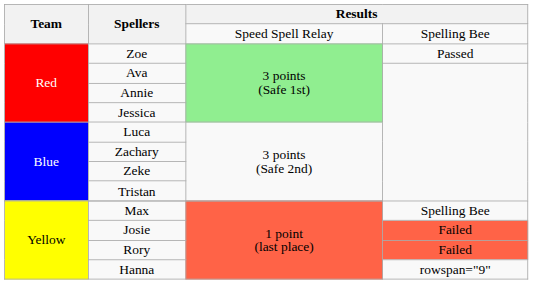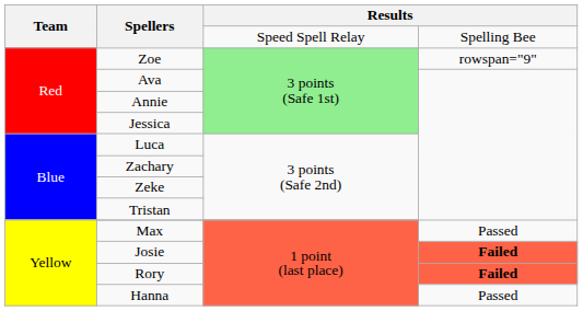 <table class="wikitable plainrowheaders" style="text-align:center; line-height:16px; width:100%;">
 <tr>
 <th rowspan="2">Team</th>
 <th rowspan="2">Spellers</th>
 <th colspan="2">Results</th>
 </tr>
 <tr>
 <td>Speed Spell Relay</td>
 <td>Spelling Bee</td>
 </tr>
 <tr>
 <td rowspan="4" style="background: red; color: white;">Red</td>
 <td>Zoe</td>
 <td rowspan="4" style="background: lightgreen; color: black;">3 points<br>(Safe 1st)</td>
-<td>Passed</td>
+<td>rowspan="9" </td>
 </tr>
 <tr>
 <td>Ava </td>
 </tr>
 <tr>
 <td>Annie </td>
 </tr>
 <tr>
 <td>Jessica </td>
 </tr>
 <tr>
 <td rowspan="4" style="background: blue; color: white;">Blue</td>
 <td>Luca</td>
 <td rowspan="4">3 points<br>(Safe 2nd)</td>
 </tr>
 <tr>
 <td>Zachary </td>
 </tr>
 <tr>
 <td>Zeke </td>
 </tr>
 <tr>
 <td>Tristan </td>
 </tr>
 <tr>
 <td rowspan="5" style="background: yellow; color: black;">Yellow</td>
 </tr>
 <tr>
 <td>Max </td>
 <td rowspan="4" style="background: tomato; color: black;">1 point<br>(last place)</td>
-<td>Spelling Bee</td>
+<td>Passed</td>
 </tr>
 <tr>
 <td>Josie </td>
-<td style="background: tomato; color: black;">Failed</td>
+<td style="background: tomato; color: black;"><strong>Failed</strong></td>
 </tr>
 <tr>
 <td>Rory </td>
-<td style="background: tomato; color: black;">Failed</td>
+<td style="background: tomato; color: black;"><strong>Failed</strong></td>
 </tr>
 <tr>
 <td>Hanna </td>
-<td>rowspan="9" </td>
+<td>Passed</td>
 </tr>
 </table>
